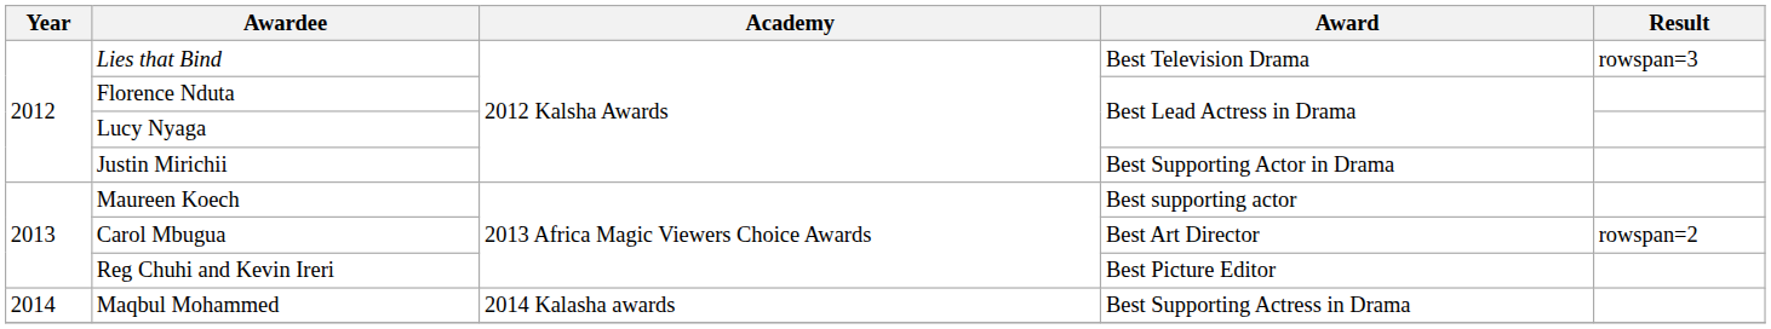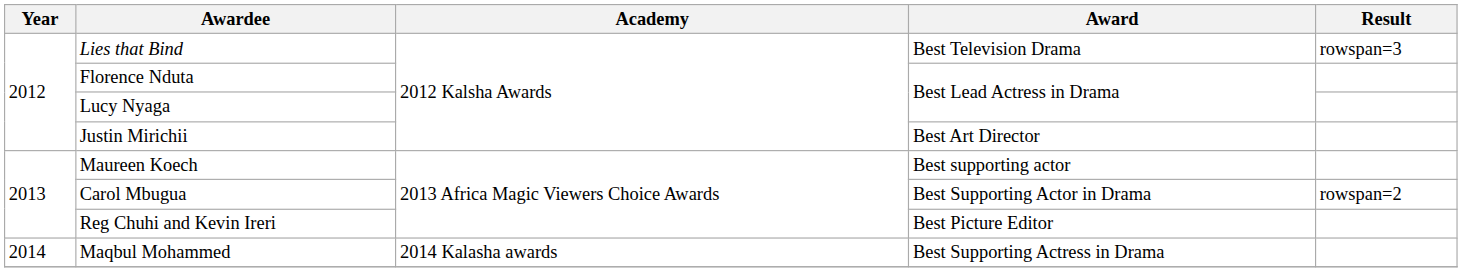 <table class="wikitable plainrowheaders" style="width:100%; margin:auto; background:#fff;">
 <tr>
 <th>Year</th>
 <th>Awardee</th>
 <th>Academy</th>
 <th>Award</th>
 <th>Result</th>
 </tr>
 <tr>
 <td rowspan=4>2012</td>
 <td><em>Lies that Bind </em></td>
 <td rowspan=4>2012 Kalsha Awards</td>
 <td>Best Television Drama</td>
 <td>rowspan=3 </td>
 </tr>
 <tr>
 <td>Florence Nduta</td>
 <td rowspan=2>Best Lead Actress in Drama</td>
 <td></td>
 </tr>
 <tr>
 <td>Lucy Nyaga</td>
 <td></td>
 </tr>
 <tr>
 <td>Justin Mirichii</td>
-<td>Best Supporting Actor in Drama</td>
+<td>Best Art Director</td>
 <td></td>
 </tr>
 <tr>
 <td rowspan=3>2013</td>
 <td>Maureen Koech</td>
 <td rowspan=3>2013 Africa Magic Viewers Choice Awards</td>
 <td>Best supporting actor</td>
 <td></td>
 </tr>
 <tr>
 <td>Carol Mbugua</td>
-<td>Best Art Director</td>
+<td>Best Supporting Actor in Drama</td>
 <td>rowspan=2 </td>
 </tr>
 <tr>
 <td>Reg Chuhi and Kevin Ireri</td>
 <td>Best Picture Editor </td>
 </tr>
 <tr>
 <td>2014</td>
 <td>Maqbul Mohammed</td>
 <td>2014 Kalasha awards</td>
 <td>Best Supporting Actress in Drama</td>
 <td></td>
 </tr>
 <tr>
 </tr>
 </table>
